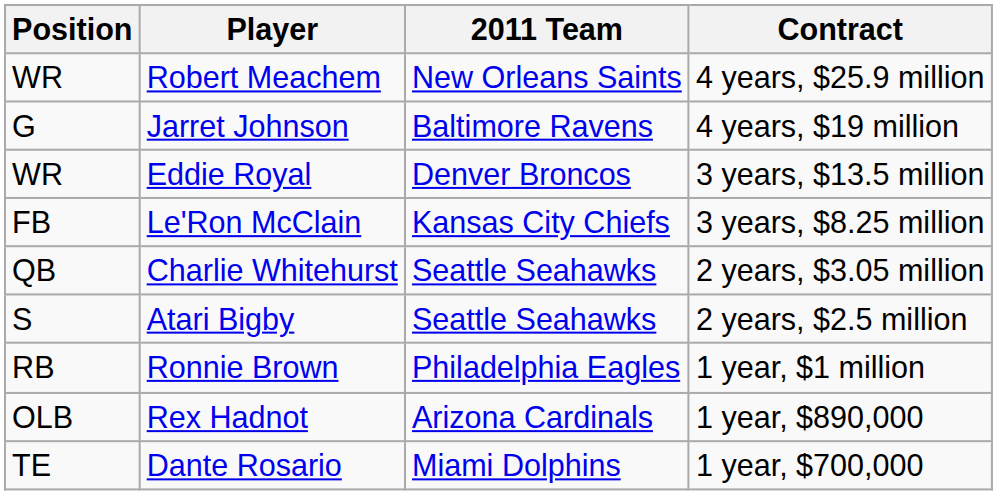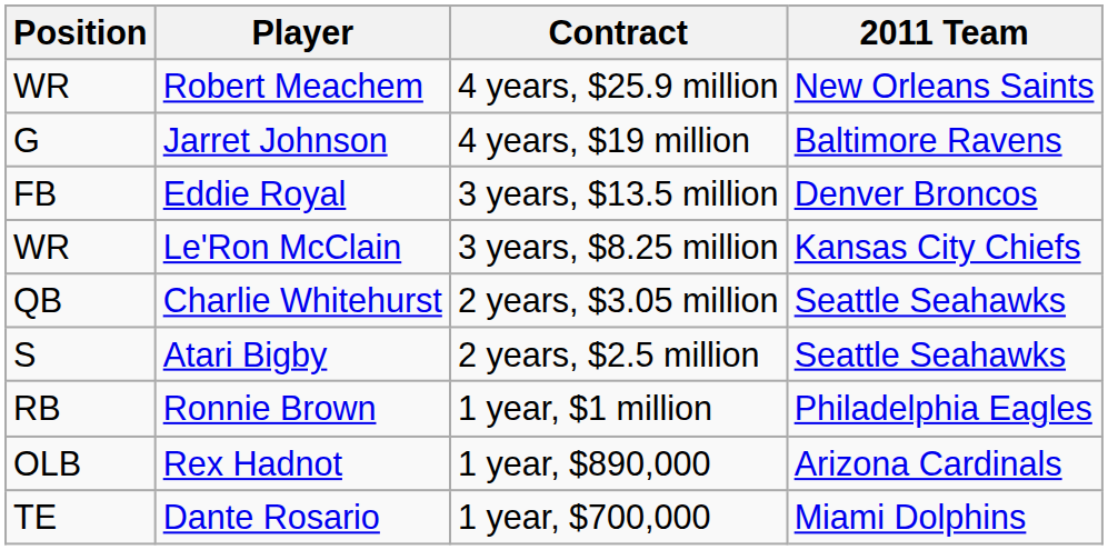 <table class="wikitable" style="font-size: 95%; text-align: left">
 <tr>
 <th>Position</th>
 <th>Player</th>
+<th>Contract</th>
 <th>2011 Team</th>
-<th>Contract</th>
 </tr>
 <tr>
 <td>WR</td>
 <td><a href='#'>Robert Meachem</a></td>
+<td>4 years, $25.9 million</td>
 <td><a href='#'>New Orleans Saints</a></td>
-<td>4 years, $25.9 million</td>
 </tr>
 <tr>
 <td>G</td>
 <td><a href='#'>Jarret Johnson</a></td>
+<td>4 years, $19 million</td>
 <td><a href='#'>Baltimore Ravens</a></td>
-<td>4 years, $19 million</td>
+</tr>
+<tr>
+<td>FB</td>
+<td><a href='#'>Eddie Royal</a></td>
+<td>3 years, $13.5 million</td>
+<td><a href='#'>Denver Broncos</a></td>
 </tr>
 <tr>
 <td>WR</td>
-<td><a href='#'>Eddie Royal</a></td>
-<td><a href='#'>Denver Broncos</a></td>
-<td>3 years, $13.5 million</td>
-</tr>
-<tr>
-<td>FB</td>
 <td><a href='#'>Le'Ron McClain</a></td>
+<td>3 years, $8.25 million</td>
 <td><a href='#'>Kansas City Chiefs</a></td>
-<td>3 years, $8.25 million</td>
 </tr>
 <tr>
 <td>QB</td>
 <td><a href='#'>Charlie Whitehurst</a></td>
+<td>2 years, $3.05 million</td>
 <td><a href='#'>Seattle Seahawks</a></td>
-<td>2 years, $3.05 million</td>
 </tr>
 <tr>
 <td>S</td>
 <td><a href='#'>Atari Bigby</a></td>
+<td>2 years, $2.5 million</td>
 <td><a href='#'>Seattle Seahawks</a></td>
-<td>2 years, $2.5 million</td>
 </tr>
 <tr>
 <td>RB</td>
 <td><a href='#'>Ronnie Brown</a></td>
+<td>1 year, $1 million</td>
 <td><a href='#'>Philadelphia Eagles</a></td>
-<td>1 year, $1 million</td>
 </tr>
 <tr>
 <td>OLB</td>
 <td><a href='#'>Rex Hadnot</a></td>
+<td>1 year, $890,000</td>
 <td><a href='#'>Arizona Cardinals</a></td>
-<td>1 year, $890,000</td>
 </tr>
 <tr>
 <td>TE</td>
 <td><a href='#'>Dante Rosario</a></td>
+<td>1 year, $700,000</td>
 <td><a href='#'>Miami Dolphins</a></td>
-<td>1 year, $700,000</td>
 </tr>
 </table>
